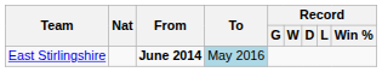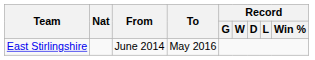 <table class="wikitable" style="text-align: center">
 <tr>
 <th rowspan="2">Team</th>
 <th rowspan="2">Nat</th>
 <th rowspan="2">From</th>
 <th rowspan="2">To</th>
 <th colspan="5">Record</th>
 </tr>
 <tr>
 <th>G</th>
 <th>W</th>
 <th>D</th>
 <th>L</th>
 <th>Win %</th>
 </tr>
 <tr>
 <td align=left><a href='#'>East Stirlingshire</a></td>
 <td></td>
-<td align=left><strong>June 2014</strong></td>
-<td align=left style="background: lightblue;">May 2016<br></td>
+<td align=left>June 2014</td>
+<td align=left>May 2016<br></td>
 </tr>
 </table>
